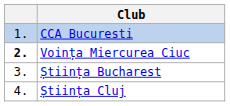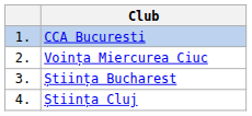 <table class="wikitable">
 <tr>
 <th width="30"></th>
 <th width="200">Club</th>
 </tr>
 <tr bgcolor="#BCD2EE" align="center">
 <td>1.</td>
 <td align="left"><a href='#'>CCA Bucuresti</a></td>
 </tr>
 <tr bgcolor="#FFFFFF" align="center">
-<td><strong>2.</strong></td>
+<td>2.</td>
 <td align="left"><a href='#'>Voința Miercurea Ciuc</a></td>
 </tr>
 <tr bgcolor="#FFFFFF" align="center">
 <td>3.</td>
 <td align="left"><a href='#'>Știința Bucharest</a></td>
 </tr>
 <tr bgcolor="#FFFFFF" align="center">
 <td>4.</td>
 <td align="left"><a href='#'>Știința Cluj</a></td>
 </tr>
 </table>
